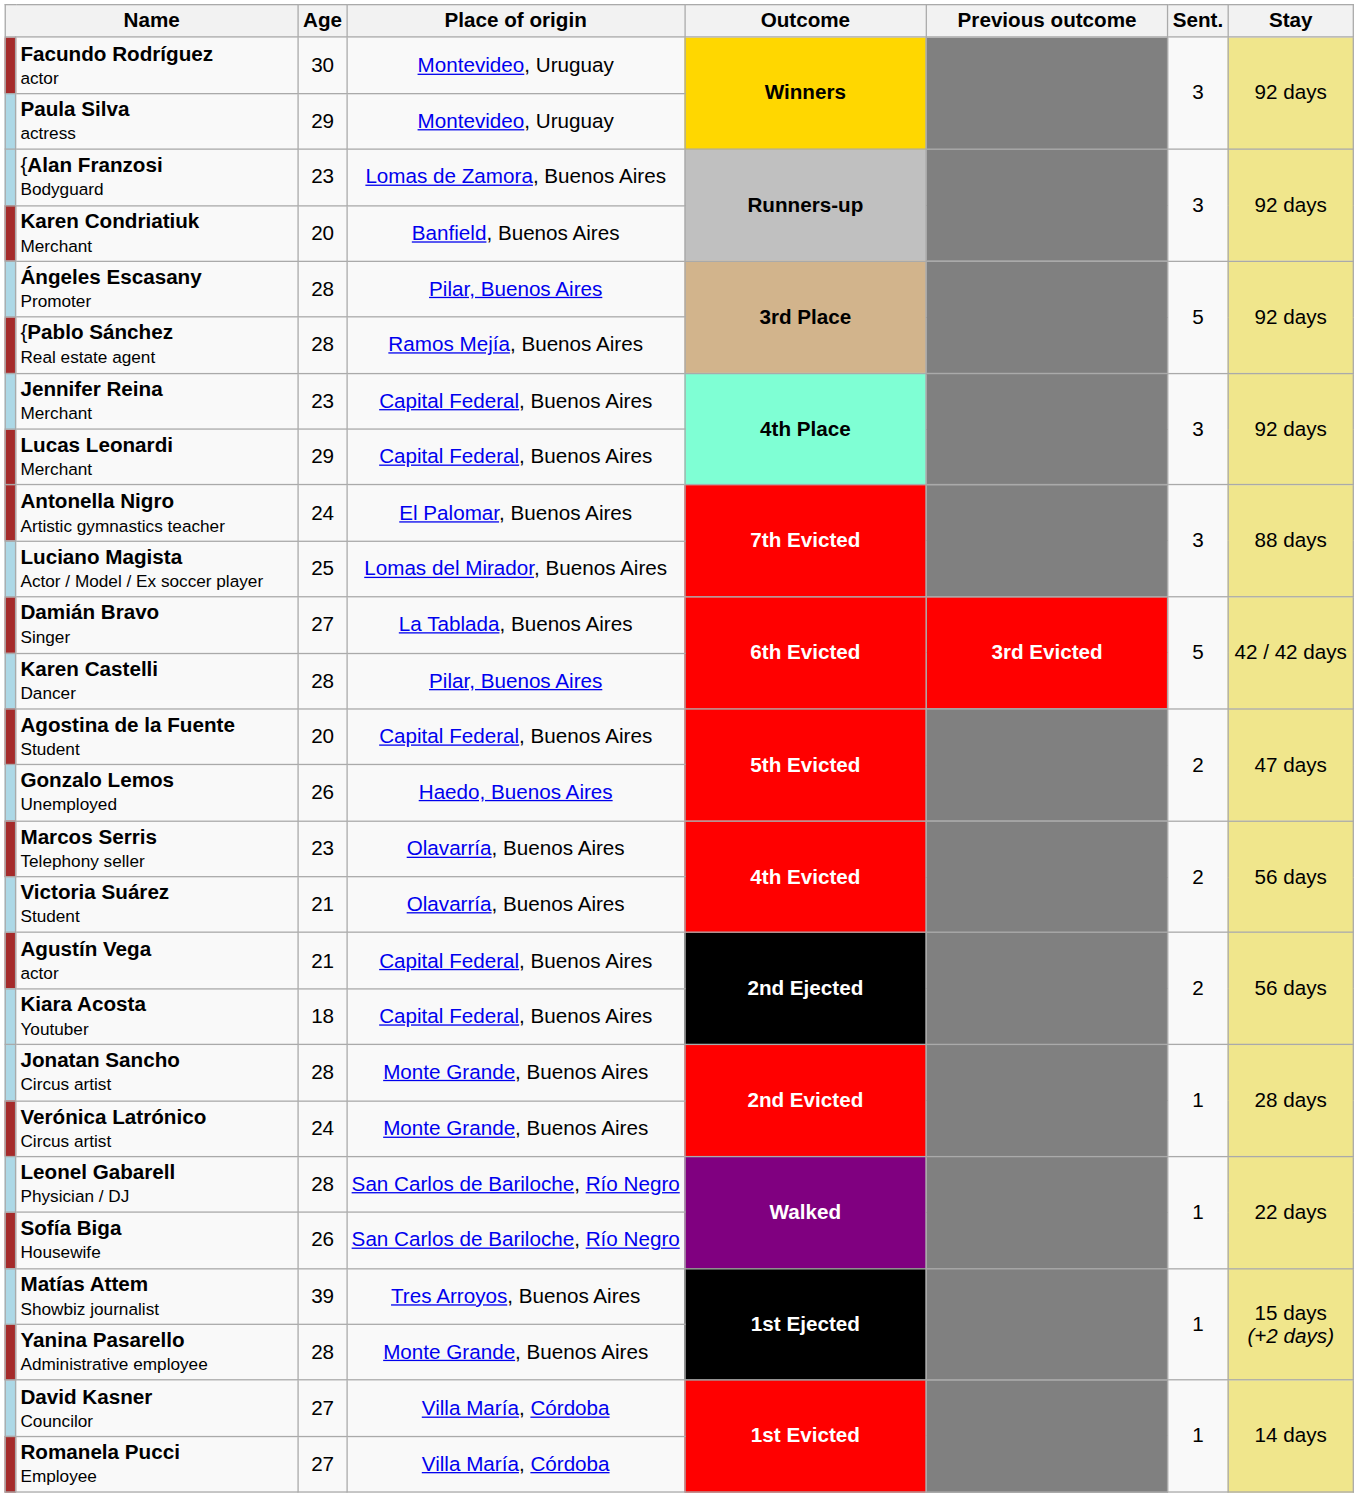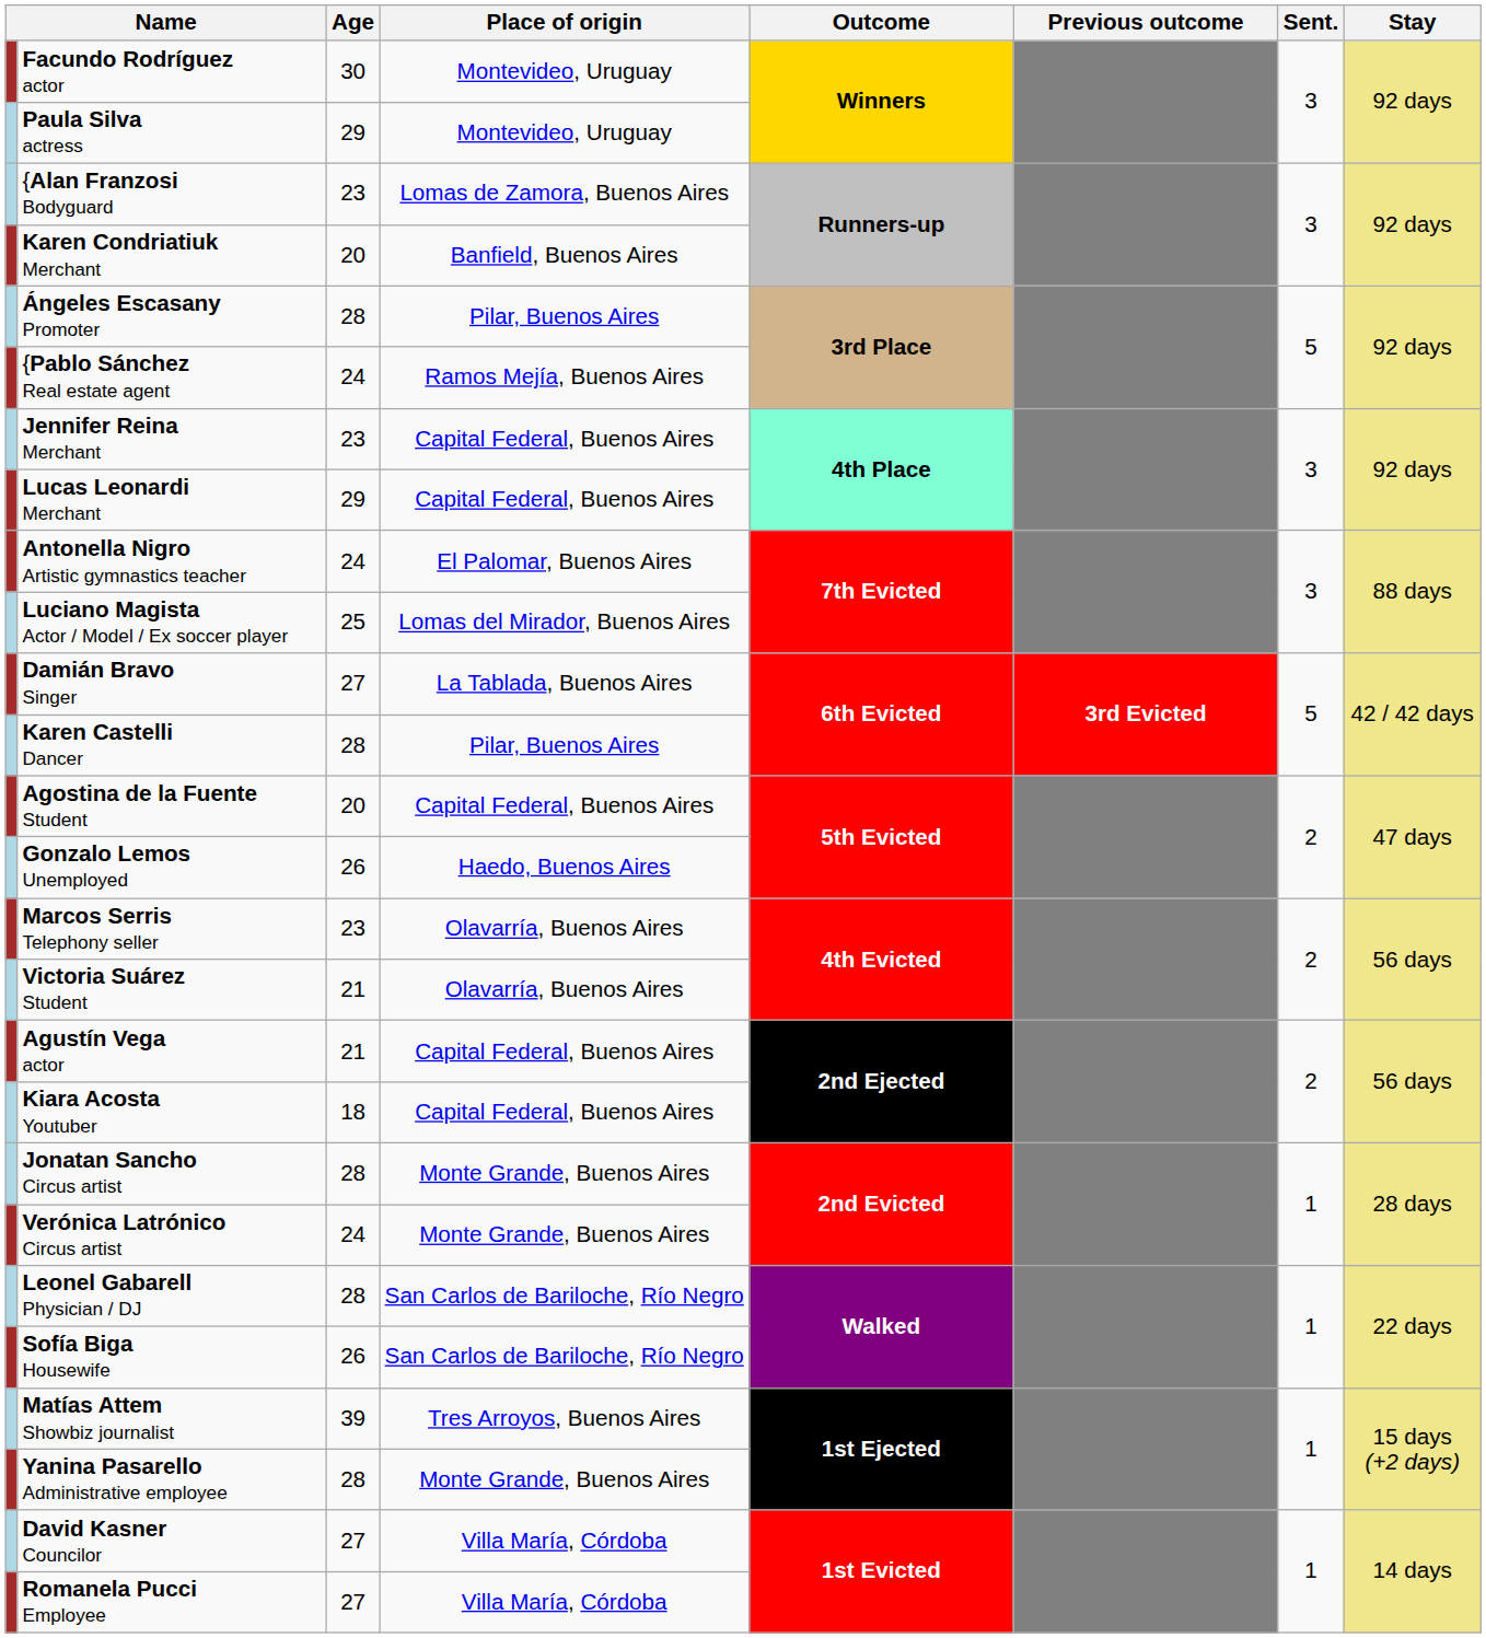 <table class="wikitable" style="margin:auto; text-align:center;">
 <tr>
 <th colspan="2" width="220">Name</th>
 <th><strong>Age</strong></th>
 <th><strong>Place of origin</strong></th>
 <th width="180"><strong>Outcome</strong></th>
 <th width="180">Previous outcome</th>
 <th>Sent.</th>
 <th width="90"><strong>Stay</strong></th>
 </tr>
 <tr>
 <td bgcolor="brown"></td>
 <td style="text-align:left;"><strong>Facundo Rodríguez</strong><br><small>actor</small></td>
 <td>30</td>
 <td><a href='#'>Montevideo</a>, Uruguay</td>
 <td rowspan="2" style="background:Gold;color:black;"><strong>Winners</strong><br></td>
 <td rowspan="2" style="background:Gray;"></td>
 <td rowspan="2">3</td>
 <td rowspan="2" bgcolor="khaki">92 days</td>
 </tr>
 <tr>
 <td bgcolor="lightblue"></td>
 <td style="text-align:left;"><strong>Paula Silva</strong><br><small>actress</small></td>
 <td>29</td>
 <td><a href='#'>Montevideo</a>, Uruguay</td>
 </tr>
 <tr>
 <td bgcolor="lightblue"></td>
 <td style="text-align:left;">{<strong>Alan Franzosi</strong><br><small>Bodyguard</small></td>
 <td>23</td>
 <td><a href='#'>Lomas de Zamora</a>, Buenos Aires</td>
 <td rowspan="2" style="background:silver;color:Black;"><strong>Runners-up</strong><br></td>
 <td rowspan="2" style="background:Gray;"></td>
 <td rowspan="2">3</td>
 <td rowspan="2" bgcolor="khaki">92 days</td>
 </tr>
 <tr>
 <td bgcolor="brown"></td>
 <td style="text-align:left;"><strong>Karen Condriatiuk</strong><br><small>Merchant</small></td>
 <td>20</td>
 <td><a href='#'>Banfield</a>, Buenos Aires</td>
 </tr>
 <tr>
 <td bgcolor="lightblue"></td>
 <td style="text-align:left;"><strong>Ángeles Escasany</strong><br><small>Promoter</small></td>
 <td>28</td>
 <td><a href='#'>Pilar, Buenos Aires</a></td>
 <td rowspan="2" style="background:tan;color:black;"><strong>3rd Place</strong></td>
 <td rowspan="2" style="background:Gray;"></td>
 <td rowspan="2">5</td>
 <td rowspan="2" bgcolor="khaki">92 days</td>
 </tr>
 <tr>
 <td bgcolor="brown"></td>
 <td style="text-align:left;">{<strong>Pablo Sánchez</strong><br><small>Real estate agent</small></td>
-<td>28</td>
+<td>24</td>
 <td><a href='#'>Ramos Mejía</a>, Buenos Aires</td>
 </tr>
 <tr>
 <td bgcolor="lightblue"></td>
 <td style="text-align:left;"><strong>Jennifer Reina</strong><br><small>Merchant</small></td>
 <td>23</td>
 <td><a href='#'>Capital Federal</a>, Buenos Aires</td>
 <td rowspan="2" style="background:aquamarine;color:black;"><strong>4th Place</strong></td>
 <td rowspan="2" style="background:Gray;"></td>
 <td rowspan="2">3</td>
 <td rowspan="2" bgcolor="khaki">92 days</td>
 </tr>
 <tr>
 <td bgcolor="brown"></td>
 <td style="text-align:left;"><strong>Lucas Leonardi</strong><br><small>Merchant</small></td>
 <td>29</td>
 <td><a href='#'>Capital Federal</a>, Buenos Aires</td>
 </tr>
 <tr>
 <td bgcolor="brown"></td>
 <td style="text-align:left;"><strong>Antonella Nigro</strong><br><small>Artistic gymnastics teacher</small></td>
 <td>24</td>
 <td><a href='#'>El Palomar</a>, Buenos Aires</td>
 <td rowspan="2" style="background:red;color:White;"><strong>7th Evicted</strong></td>
 <td rowspan="2" style="background:Gray;"></td>
 <td rowspan="2">3</td>
 <td rowspan="2" bgcolor="khaki">88 days</td>
 </tr>
 <tr>
 <td bgcolor="lightblue"></td>
 <td style="text-align:left;"><strong>Luciano Magista</strong><br><small>Actor / Model / Ex soccer player</small></td>
 <td>25</td>
 <td><a href='#'>Lomas del Mirador</a>, Buenos Aires</td>
 </tr>
 <tr>
 <td bgcolor="brown"></td>
 <td style="text-align:left;"><strong>Damián Bravo</strong><br><small>Singer</small></td>
 <td>27</td>
 <td><a href='#'>La Tablada</a>, Buenos Aires</td>
 <td rowspan="2" style="background:red;color:White;"><strong>6th Evicted</strong></td>
 <td rowspan="2" style="background:red;color:white;"><strong>3rd Evicted</strong></td>
 <td rowspan="2">5</td>
 <td rowspan="2" bgcolor="khaki">42 / 42 days</td>
 </tr>
 <tr>
 <td bgcolor="lightblue"></td>
 <td style="text-align:left;"><strong>Karen Castelli</strong><br><small>Dancer</small></td>
 <td>28</td>
 <td><a href='#'>Pilar, Buenos Aires</a></td>
 </tr>
 <tr>
 <td bgcolor="brown"></td>
 <td style="text-align:left;"><strong>Agostina de la Fuente</strong><br><small>Student</small></td>
 <td>20</td>
 <td><a href='#'>Capital Federal</a>, Buenos Aires</td>
 <td rowspan="2" style="background:red;color:white;"><strong>5th Evicted</strong></td>
 <td rowspan="2" style="background:Gray;"></td>
 <td rowspan="2">2</td>
 <td rowspan="2" bgcolor="khaki">47 days</td>
 </tr>
 <tr>
 <td bgcolor="lightblue"></td>
 <td style="text-align:left;"><strong>Gonzalo Lemos</strong><br><small>Unemployed</small></td>
 <td>26</td>
 <td><a href='#'>Haedo, Buenos Aires</a></td>
 </tr>
 <tr>
 <td bgcolor="brown"></td>
 <td style="text-align:left;"><strong>Marcos Serris</strong><br><small>Telephony seller</small></td>
 <td>23</td>
 <td><a href='#'>Olavarría</a>, Buenos Aires</td>
 <td rowspan="2" style="background:red;color:white;"><strong>4th Evicted</strong></td>
 <td rowspan="2" style="background:Gray;"></td>
 <td rowspan="2">2</td>
 <td rowspan="2" bgcolor="khaki">56 days</td>
 </tr>
 <tr>
 <td bgcolor="lightblue"></td>
 <td style="text-align:left;"><strong>Victoria Suárez</strong><br><small>Student</small></td>
 <td>21</td>
 <td><a href='#'>Olavarría</a>, Buenos Aires</td>
 </tr>
 <tr>
 <td bgcolor="brown"></td>
 <td style="text-align:left;"><strong>Agustín Vega</strong><br><small>actor</small></td>
 <td>21</td>
 <td><a href='#'>Capital Federal</a>, Buenos Aires</td>
 <td rowspan="2" style="background:black;color:white;"><strong>2nd Ejected</strong></td>
 <td rowspan="2" style="background:Gray;"></td>
 <td rowspan="2">2</td>
 <td rowspan="2" bgcolor="khaki">56 days</td>
 </tr>
 <tr>
 <td bgcolor="lightblue"></td>
 <td style="text-align:left;"><strong>Kiara Acosta</strong><br><small>Youtuber</small></td>
 <td>18</td>
 <td><a href='#'>Capital Federal</a>, Buenos Aires</td>
 </tr>
 <tr>
 <td bgcolor="lightblue"></td>
 <td style="text-align:left;"><strong>Jonatan Sancho</strong><br><small>Circus artist</small></td>
 <td>28</td>
 <td><a href='#'>Monte Grande</a>, Buenos Aires</td>
 <td rowspan="2" style="background:red;color:white;"><strong>2nd Evicted</strong></td>
 <td rowspan="2" style="background:Gray;"></td>
 <td rowspan="2">1</td>
 <td rowspan="2" bgcolor="khaki">28 days</td>
 </tr>
 <tr>
 <td bgcolor="brown"></td>
 <td style="text-align:left;"><strong>Verónica Latrónico</strong><br><small>Circus artist</small></td>
 <td>24</td>
 <td><a href='#'>Monte Grande</a>, Buenos Aires</td>
 </tr>
 <tr>
 <td bgcolor="lightblue"></td>
 <td style="text-align:left;"><strong>Leonel Gabarell</strong><br><small>Physician / DJ</small></td>
 <td>28</td>
 <td><a href='#'>San Carlos de Bariloche</a>, <a href='#'>Río Negro</a></td>
 <td rowspan="2" style="background:purple;color:white;"><strong>Walked</strong></td>
 <td rowspan="2" style="background:Gray;"></td>
 <td rowspan="2">1</td>
 <td rowspan="2" bgcolor="khaki">22 days</td>
 </tr>
 <tr>
 <td bgcolor="brown"></td>
 <td style="text-align:left;"><strong>Sofía Biga</strong><br><small>Housewife</small></td>
 <td>26</td>
 <td><a href='#'>San Carlos de Bariloche</a>, <a href='#'>Río Negro</a></td>
 </tr>
 <tr>
 <td bgcolor="lightblue"></td>
 <td style="text-align:left;"><strong>Matías Attem</strong><br><small>Showbiz journalist</small></td>
 <td>39</td>
 <td><a href='#'>Tres Arroyos</a>, Buenos Aires</td>
 <td rowspan="2" style="background:black;color:white;"><strong>1st Ejected</strong></td>
 <td rowspan="2" style="background:Gray;"></td>
 <td rowspan="2">1</td>
 <td rowspan="2" bgcolor="khaki">15 days<br><em>(+2 days)</em></td>
 </tr>
 <tr>
 <td bgcolor="brown"></td>
 <td style="text-align:left;"><strong>Yanina Pasarello</strong><br><small>Administrative employee</small></td>
 <td>28</td>
 <td><a href='#'>Monte Grande</a>, Buenos Aires</td>
 </tr>
 <tr>
 <td bgcolor="lightblue"></td>
 <td style="text-align:left;"><strong>David Kasner</strong><br><small>Councilor</small></td>
 <td>27</td>
 <td><a href='#'>Villa María</a>, <a href='#'>Córdoba</a></td>
 <td rowspan="2" style="background:red;color:white;"><strong>1st Evicted</strong></td>
 <td rowspan="2" style="background:Gray;"></td>
 <td rowspan="2">1</td>
 <td rowspan="2" bgcolor="khaki">14 days</td>
 </tr>
 <tr>
 <td bgcolor="brown"></td>
 <td style="text-align:left;"><strong>Romanela Pucci</strong><br><small>Employee</small></td>
 <td>27</td>
 <td><a href='#'>Villa María</a>, <a href='#'>Córdoba</a></td>
 </tr>
 </table>
